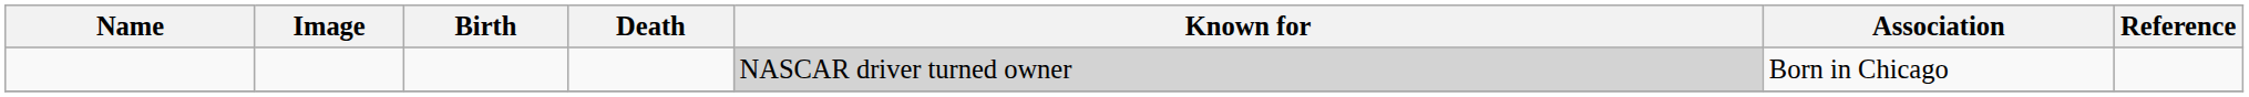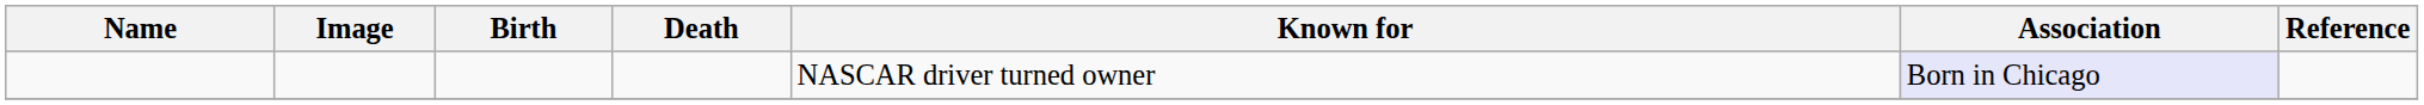 <table class="wikitable sortable">
 <tr>
 <th scope="col" width="140">Name</th>
 <th scope="col" width="80" class="unsortable">Image</th>
 <th scope="col" width="90">Birth</th>
 <th scope="col" width="90">Death</th>
 <th scope="col" width="600" class="unsortable">Known for</th>
 <th scope="col" width="200" class="unsortable">Association</th>
 <th scope="col" width="30" class="unsortable">Reference</th>
 </tr>
 <tr>
 <td></td>
 <td></td>
 <td align=right></td>
 <td></td>
-<td style="background: lightgrey;">NASCAR driver turned owner</td>
-<td>Born in Chicago</td>
+<td>NASCAR driver turned owner</td>
+<td style="background: lavender;">Born in Chicago</td>
 <td align="center"></td>
 </tr>
 <tr>
 </tr>
 </table>
